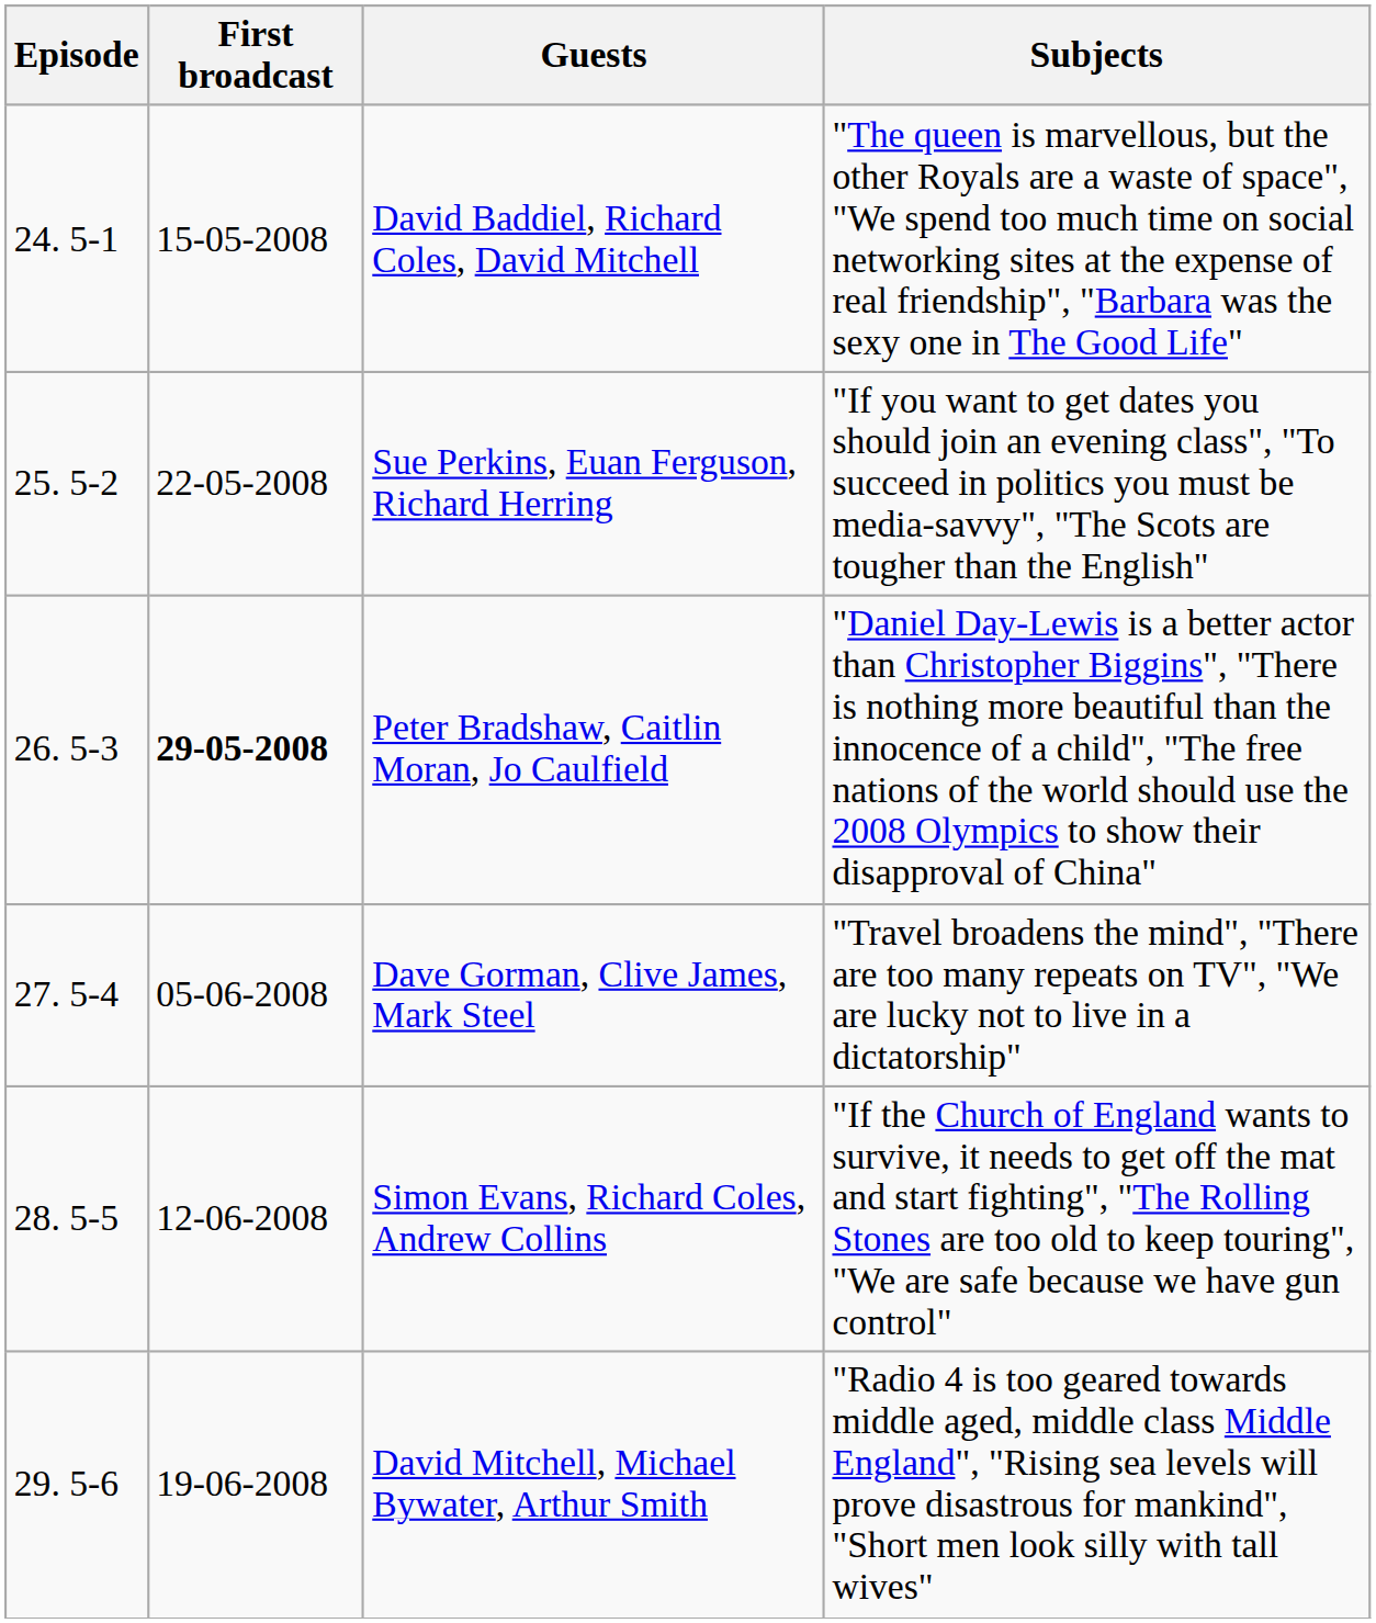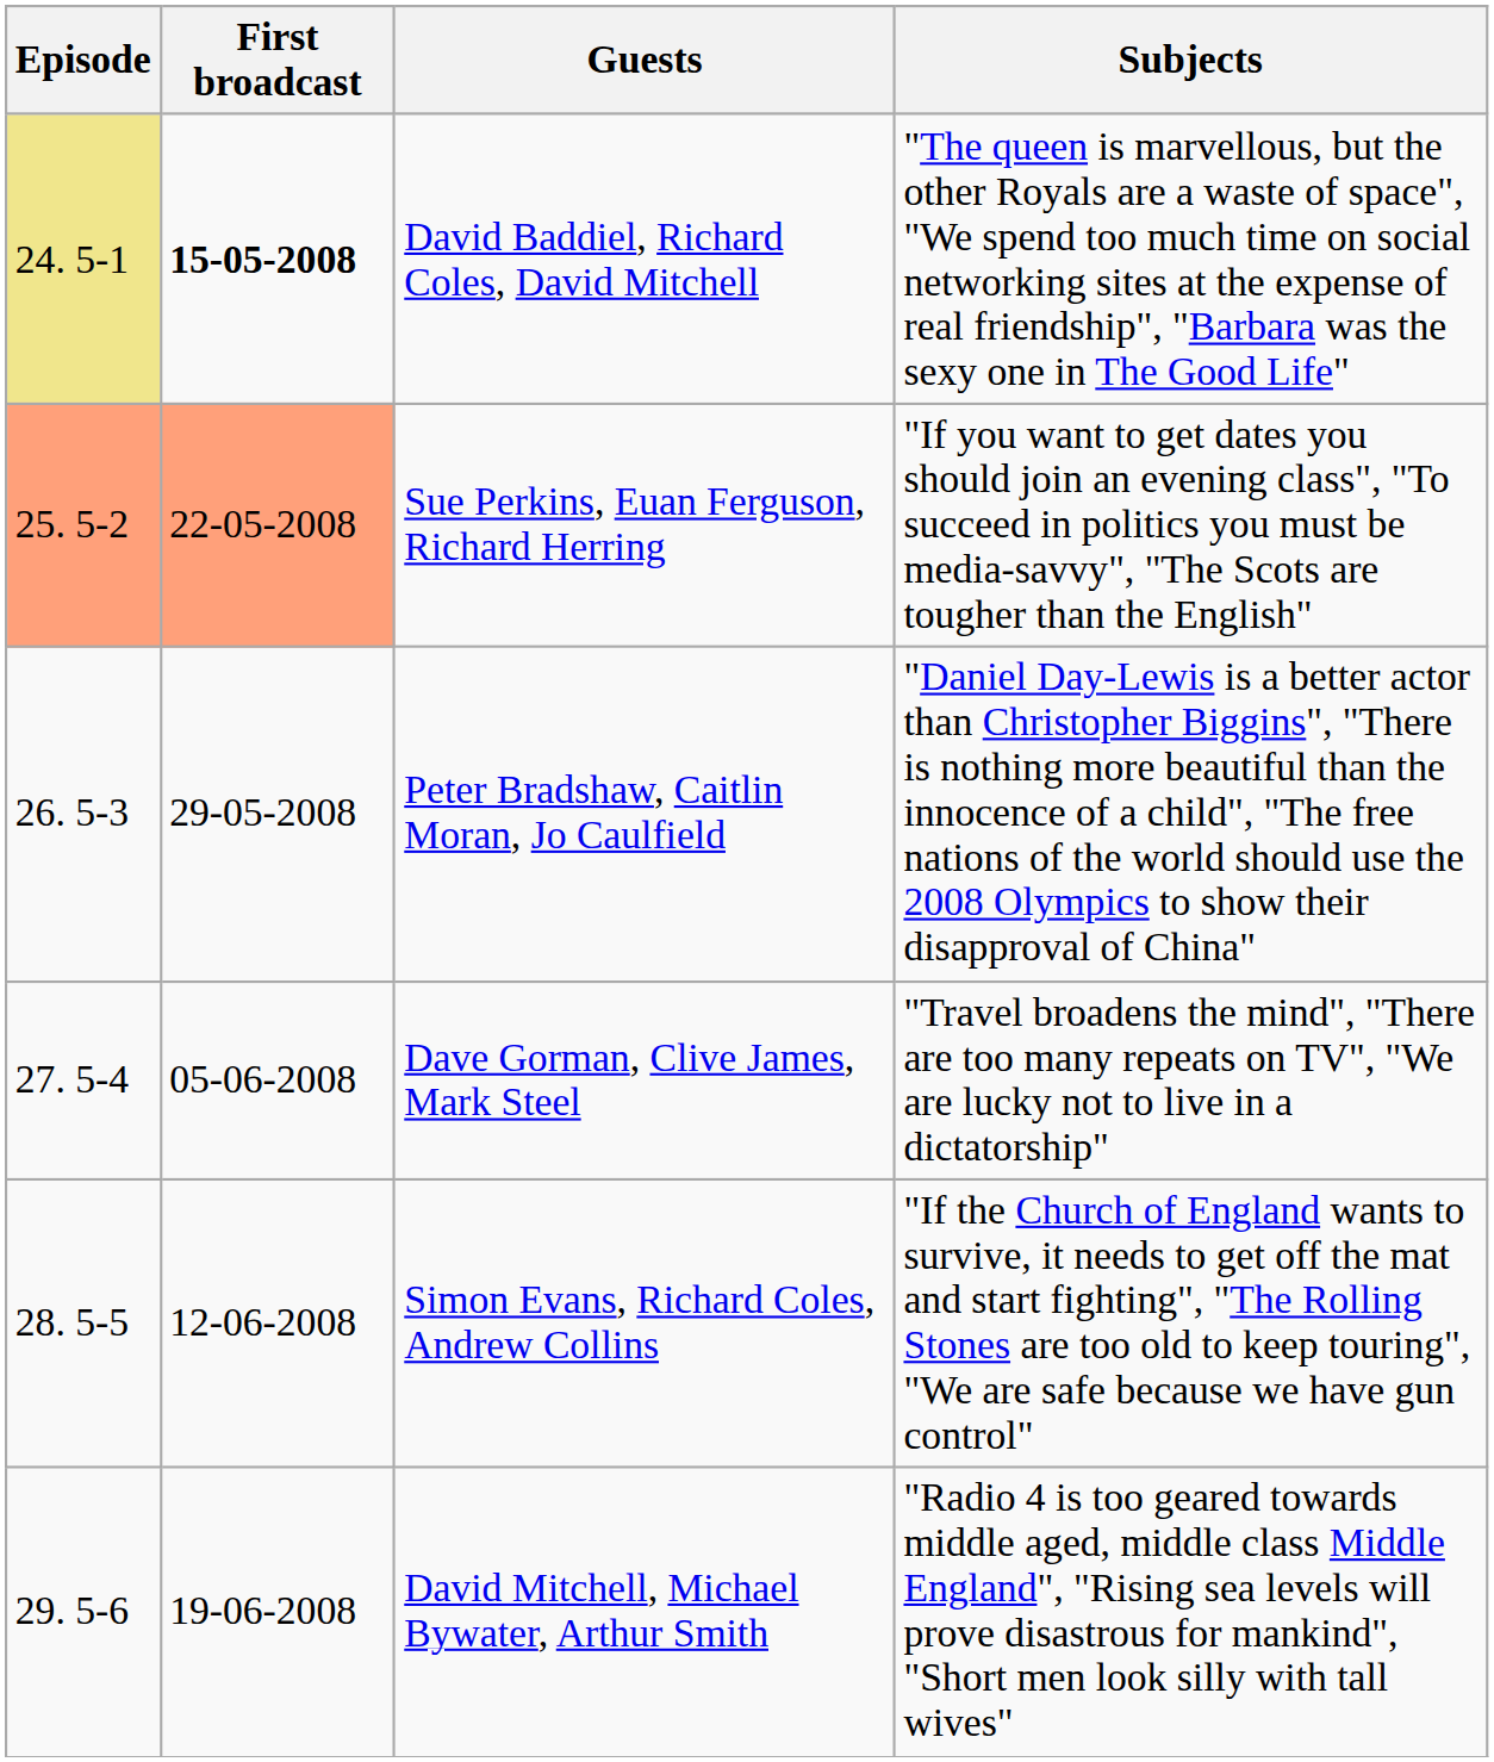 <table class="wikitable" style="width:95%;">
 <tr bgcolor="#cccccc">
 <th>Episode</th>
 <th>First broadcast</th>
 <th>Guests</th>
 <th style="width:40%;">Subjects</th>
 </tr>
 <tr>
-<td>24. 5-1</td>
-<td>15-05-2008</td>
+<td style="background: khaki;">24. 5-1</td>
+<td><strong>15-05-2008</strong></td>
 <td><a href='#'>David Baddiel</a>, <a href='#'>Richard Coles</a>, <a href='#'>David Mitchell</a></td>
 <td>"<a href='#'>The queen</a> is marvellous, but the other Royals are a waste of space", "We spend too much time on social networking sites at the expense of real friendship", "<a href='#'>Barbara</a> was the sexy one in <a href='#'>The Good Life</a>"</td>
 </tr>
 <tr>
-<td>25. 5-2</td>
-<td>22-05-2008</td>
+<td style="background: lightsalmon;">25. 5-2</td>
+<td style="background: lightsalmon;">22-05-2008</td>
 <td><a href='#'>Sue Perkins</a>, <a href='#'>Euan Ferguson</a>, <a href='#'>Richard Herring</a></td>
 <td>"If you want to get dates you should join an evening class", "To succeed in politics you must be media-savvy", "The Scots are tougher than the English"</td>
 </tr>
 <tr>
 <td>26. 5-3</td>
-<td><strong>29-05-2008</strong></td>
+<td>29-05-2008</td>
 <td><a href='#'>Peter Bradshaw</a>, <a href='#'>Caitlin Moran</a>, <a href='#'>Jo Caulfield</a></td>
 <td>"<a href='#'>Daniel Day-Lewis</a> is a better actor than <a href='#'>Christopher Biggins</a>", "There is nothing more beautiful than the innocence of a child", "The free nations of the world should use the <a href='#'>2008 Olympics</a> to show their disapproval of China"</td>
 </tr>
 <tr>
 <td>27. 5-4</td>
 <td>05-06-2008</td>
 <td><a href='#'>Dave Gorman</a>, <a href='#'>Clive James</a>, <a href='#'>Mark Steel</a></td>
 <td>"Travel broadens the mind", "There are too many repeats on TV", "We are lucky not to live in a dictatorship"</td>
 </tr>
 <tr>
 <td>28. 5-5</td>
 <td>12-06-2008</td>
 <td><a href='#'>Simon Evans</a>, <a href='#'>Richard Coles</a>, <a href='#'>Andrew Collins</a></td>
 <td>"If the <a href='#'>Church of England</a> wants to survive, it needs to get off the mat and start fighting", "<a href='#'>The Rolling Stones</a> are too old to keep touring", "We are safe because we have gun control"</td>
 </tr>
 <tr>
 <td>29. 5-6</td>
 <td>19-06-2008</td>
 <td><a href='#'>David Mitchell</a>, <a href='#'>Michael Bywater</a>, <a href='#'>Arthur Smith</a></td>
 <td>"Radio 4 is too geared towards middle aged, middle class <a href='#'>Middle England</a>", "Rising sea levels will prove disastrous for mankind", "Short men look silly with tall wives"</td>
 </tr>
 <tr>
 </tr>
 </table>
